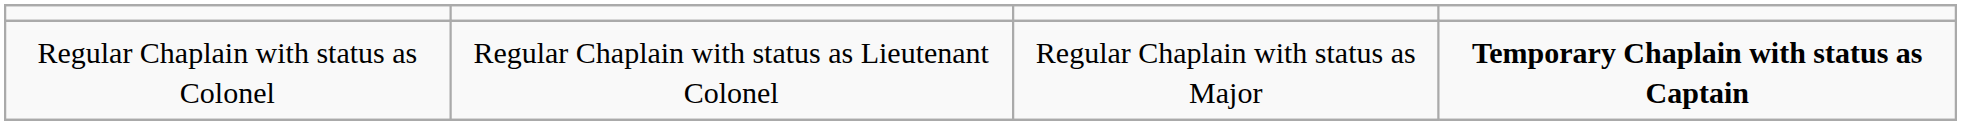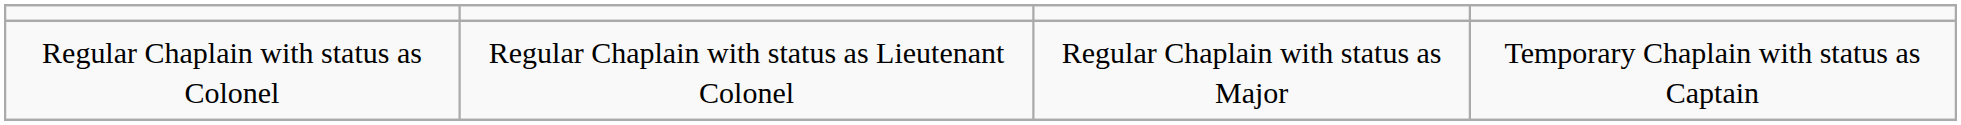 <table class="wikitable">
 <tr bgcolor="#7987cc">
 </tr>
 <tr>
 <td align="center" colspan=1></td>
 <td align="center" colspan=1></td>
 <td align="center" colspan=1></td>
 <td align="center" colspan=1></td>
 </tr>
 <tr rowspan="6">
 </tr>
 <tr align="center">
 <td align="center" colspan=1><small>Regular Chaplain with status as Colonel</small></td>
 <td align="center" colspan=1><small>Regular Chaplain with status as Lieutenant Colonel</small></td>
 <td align="center" colspan=1><small>Regular Chaplain with status as Major</small></td>
-<td align="center" colspan=1><strong><small>Temporary Chaplain with status as Captain</small></strong></td>
+<td align="center" colspan=1><small>Temporary Chaplain with status as Captain</small></td>
 </tr>
 <tr>
 </tr>
 </table>
